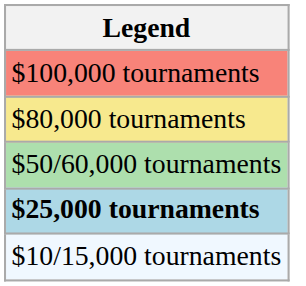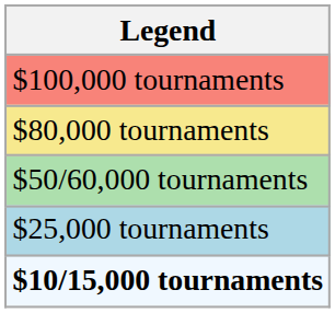 <table class=wikitable style="font-size:85%;">
 <tr>
 <th>Legend</th>
 </tr>
 <tr style="background:#f88379;">
 <td>$100,000 tournaments</td>
 </tr>
 <tr style="background:#f7e98e;">
 <td>$80,000 tournaments</td>
 </tr>
 <tr style="background:#addfad;">
 <td>$50/60,000 tournaments</td>
 </tr>
 <tr style="background:lightblue;">
-<td><strong>$25,000 tournaments</strong></td>
+<td>$25,000 tournaments</td>
 </tr>
 <tr style="background:#f0f8ff;">
-<td>$10/15,000 tournaments</td>
+<td><strong>$10/15,000 tournaments</strong></td>
 </tr>
 </table>
